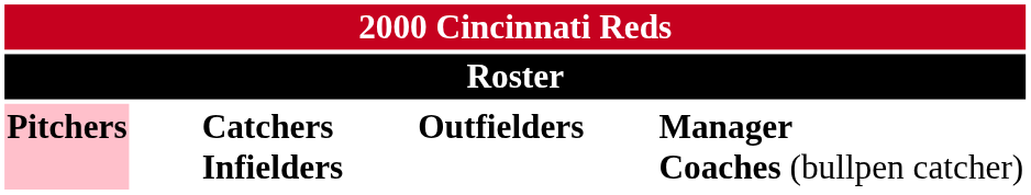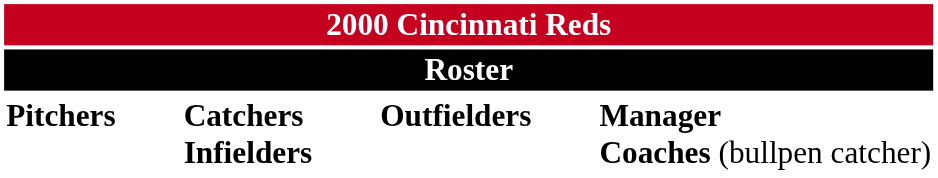 <table class="toccolours" style="font-size: 95%;">
 <tr>
 <th colspan="10" style="background:#c6011f; color:#fff; text-align:center;">2000 Cincinnati Reds</th>
 </tr>
 <tr>
 <td colspan="10" style="background:black; color:#fff; text-align:center;"><strong>Roster</strong></td>
 </tr>
 <tr>
-<td valign="top" style="background: pink;"><strong>Pitchers</strong><br>                    </td>
+<td valign="top"><strong>Pitchers</strong><br>                    </td>
 <td style="width:25px;"></td>
 <td valign="top"><strong>Catchers</strong><br>   <strong>Infielders</strong>             </td>
 <td style="width:25px;"></td>
 <td valign="top"><strong>Outfielders</strong><br>       </td>
 <td style="width:25px;"></td>
 <td valign="top"><strong>Manager</strong><br> <strong>Coaches</strong>  (bullpen catcher)       </td>
 </tr>
 </table>
